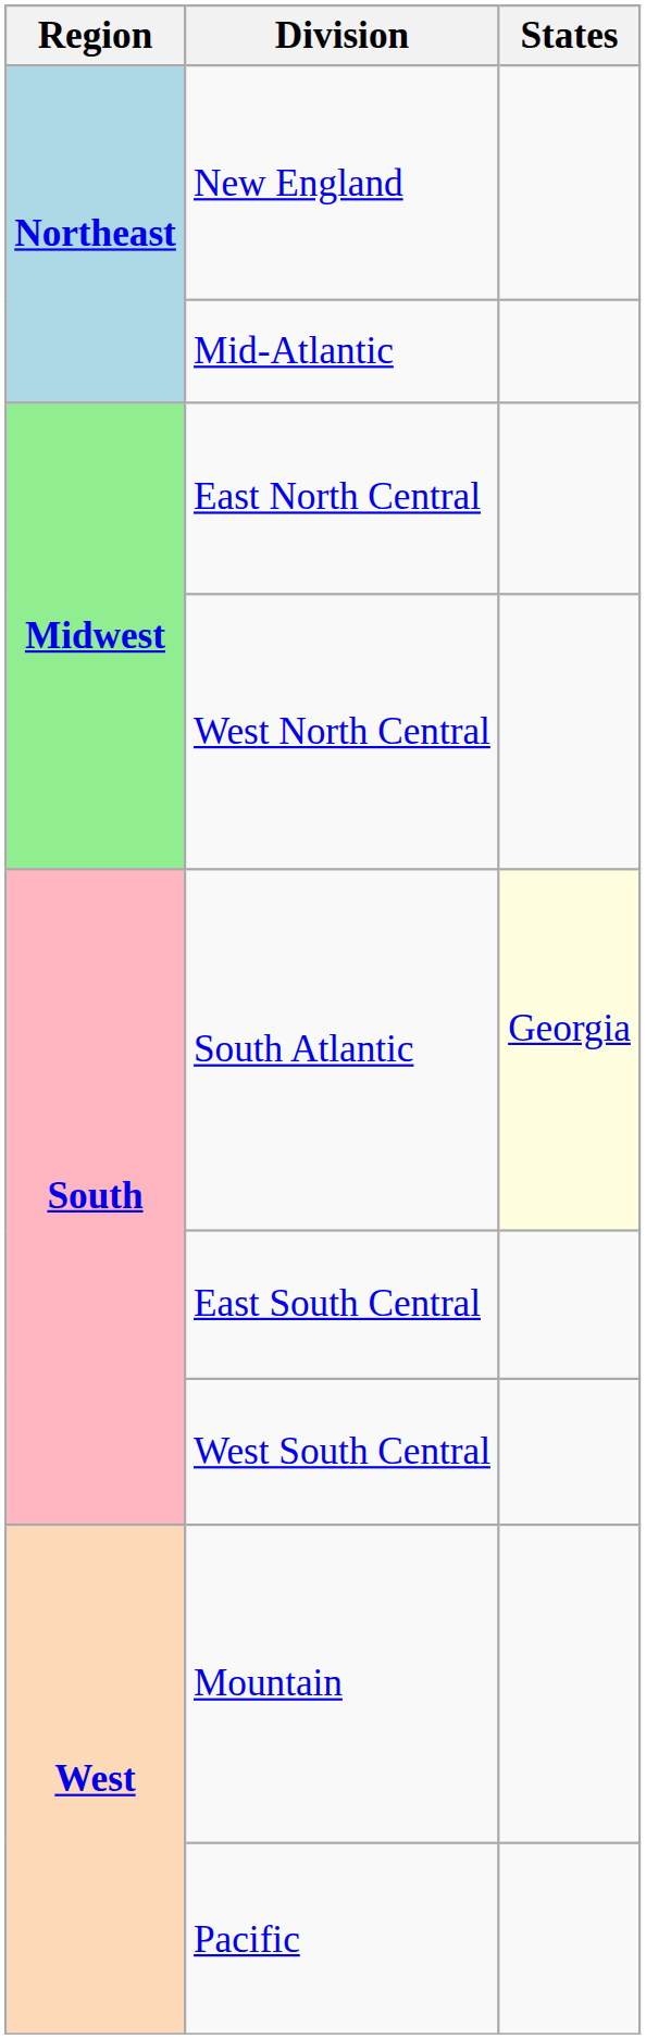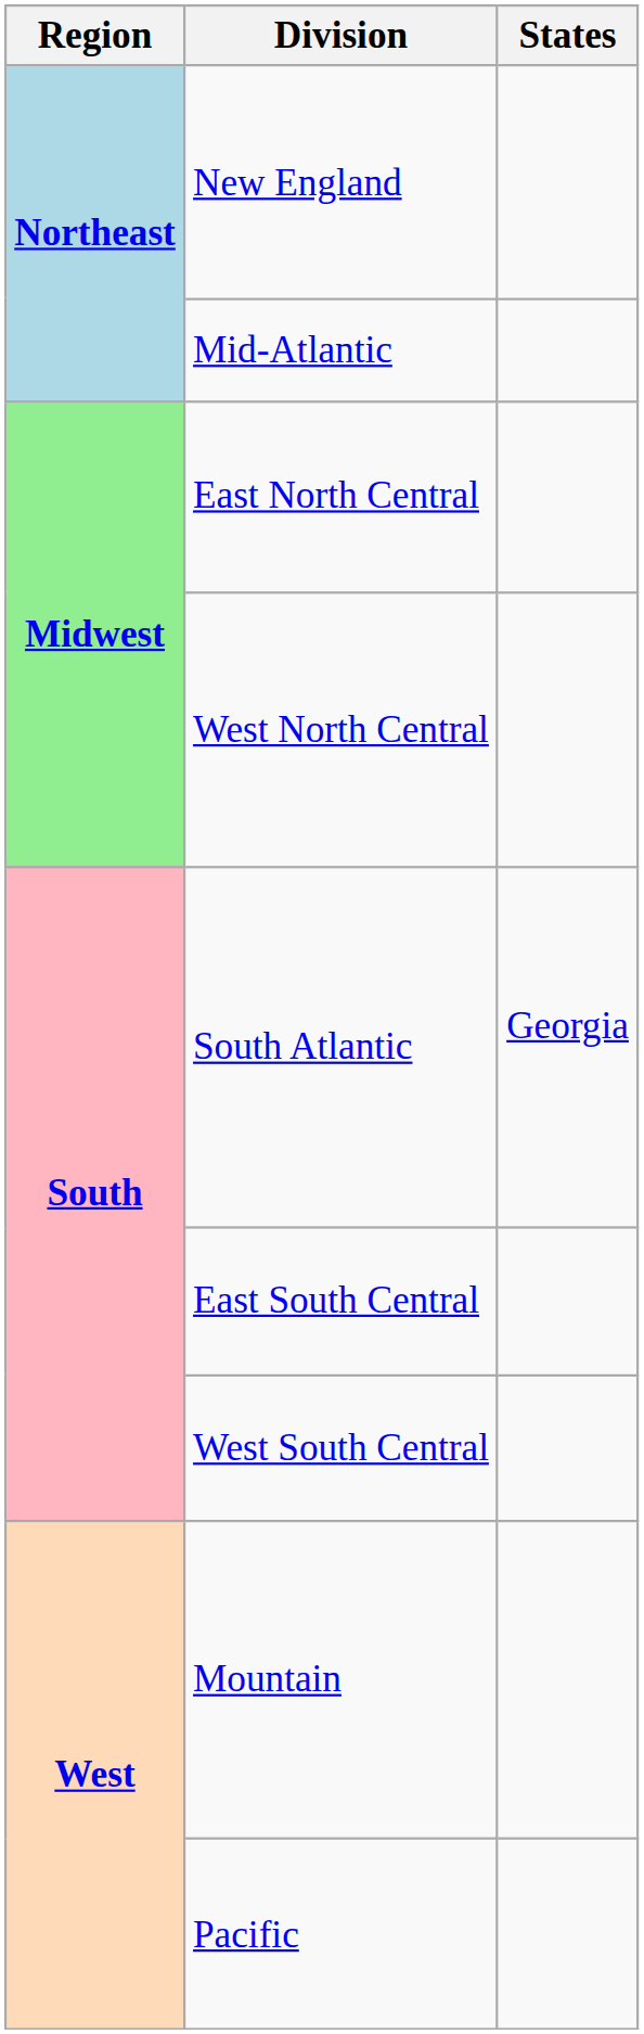 <table class="wikitable" style="text-align:left;">
 <tr>
 <th>Region</th>
 <th>Division</th>
 <th>States</th>
 </tr>
 <tr>
 <th rowspan="2" style="background:#ADD8E6;"><a href='#'>Northeast</a></th>
 <td><a href='#'>New England</a></td>
 <td><br><br><br><br><br></td>
 </tr>
 <tr>
 <td><a href='#'>Mid-Atlantic</a></td>
 <td><br><br></td>
 </tr>
 <tr>
 <th rowspan="2" style="background:#90EE90;"><a href='#'>Midwest</a></th>
 <td><a href='#'>East North Central</a></td>
 <td><br><br><br><br></td>
 </tr>
 <tr>
 <td><a href='#'>West North Central</a></td>
 <td><br><br><br><br><br><br></td>
 </tr>
 <tr>
 <th rowspan="3" style="background:#FFB6C1;"><a href='#'>South</a></th>
 <td><a href='#'>South Atlantic</a></td>
-<td style="background: lightyellow;"><br><br><br> <a href='#'>Georgia</a><br><br><br><br><br></td>
+<td><br><br><br> <a href='#'>Georgia</a><br><br><br><br><br></td>
 </tr>
 <tr>
 <td><a href='#'>East South Central</a></td>
 <td><br><br><br></td>
 </tr>
 <tr>
 <td><a href='#'>West South Central</a></td>
 <td><br><br><br></td>
 </tr>
 <tr>
 <th rowspan="2" style="background:#FFDAB9;"><a href='#'>West</a></th>
 <td><a href='#'>Mountain</a></td>
 <td><br><br><br><br><br><br><br></td>
 </tr>
 <tr>
 <td><a href='#'>Pacific</a></td>
 <td><br><br><br><br></td>
 </tr>
 <tr>
 </tr>
 </table>
